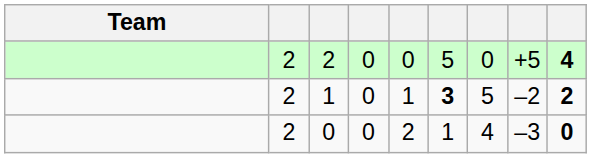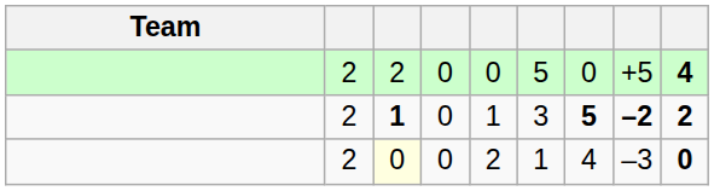 <table class="wikitable" style="text-align:center">
 <tr>
 <th width=175>Team</th>
 <th width=20></th>
 <th width=20></th>
 <th width=20></th>
 <th width=20></th>
 <th width=20></th>
 <th width=20></th>
 <th width=20></th>
 <th width=20></th>
 </tr>
 <tr bgcolor="#ccffcc">
 <td align="left"></td>
 <td>2</td>
 <td>2</td>
 <td>0</td>
 <td>0</td>
 <td>5</td>
 <td>0</td>
 <td>+5</td>
 <td><strong>4</strong></td>
 </tr>
 <tr>
 <td align="left"></td>
 <td>2</td>
-<td>1</td>
+<td><strong>1</strong></td>
 <td>0</td>
 <td>1</td>
-<td><strong>3</strong></td>
-<td>5</td>
-<td>–2</td>
+<td>3</td>
+<td><strong>5</strong></td>
+<td><strong>–2</strong></td>
 <td><strong>2</strong></td>
 </tr>
 <tr>
 <td align="left"></td>
 <td>2</td>
-<td>0</td>
+<td style="background: lightyellow;">0</td>
 <td>0</td>
 <td>2</td>
 <td>1</td>
 <td>4</td>
 <td>–3</td>
 <td><strong>0</strong></td>
 </tr>
 </table>
